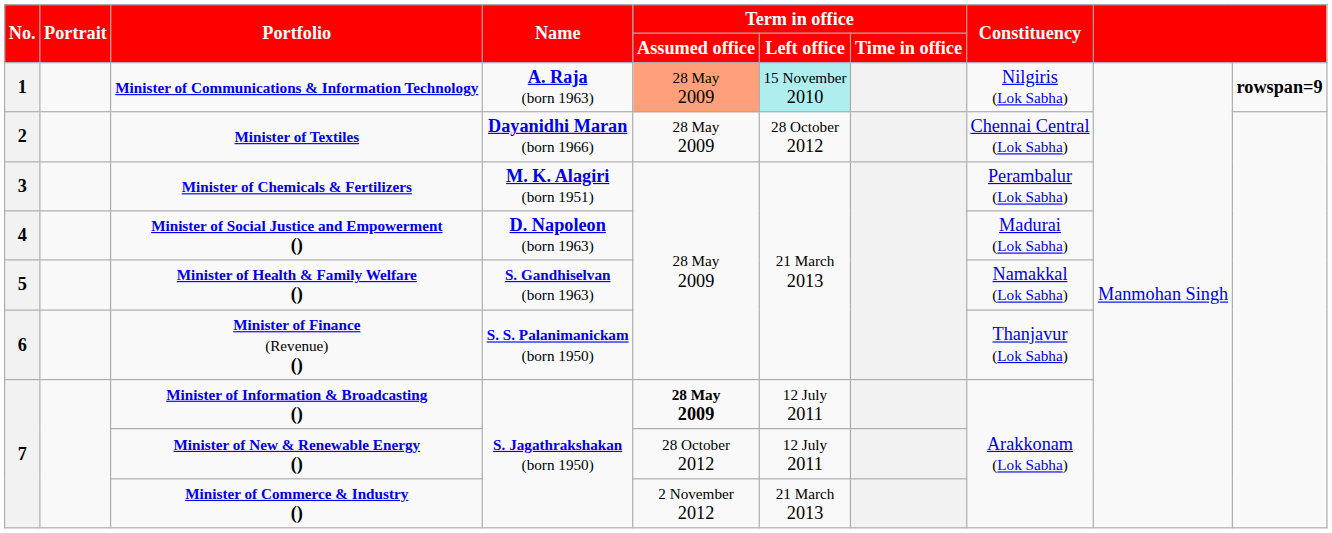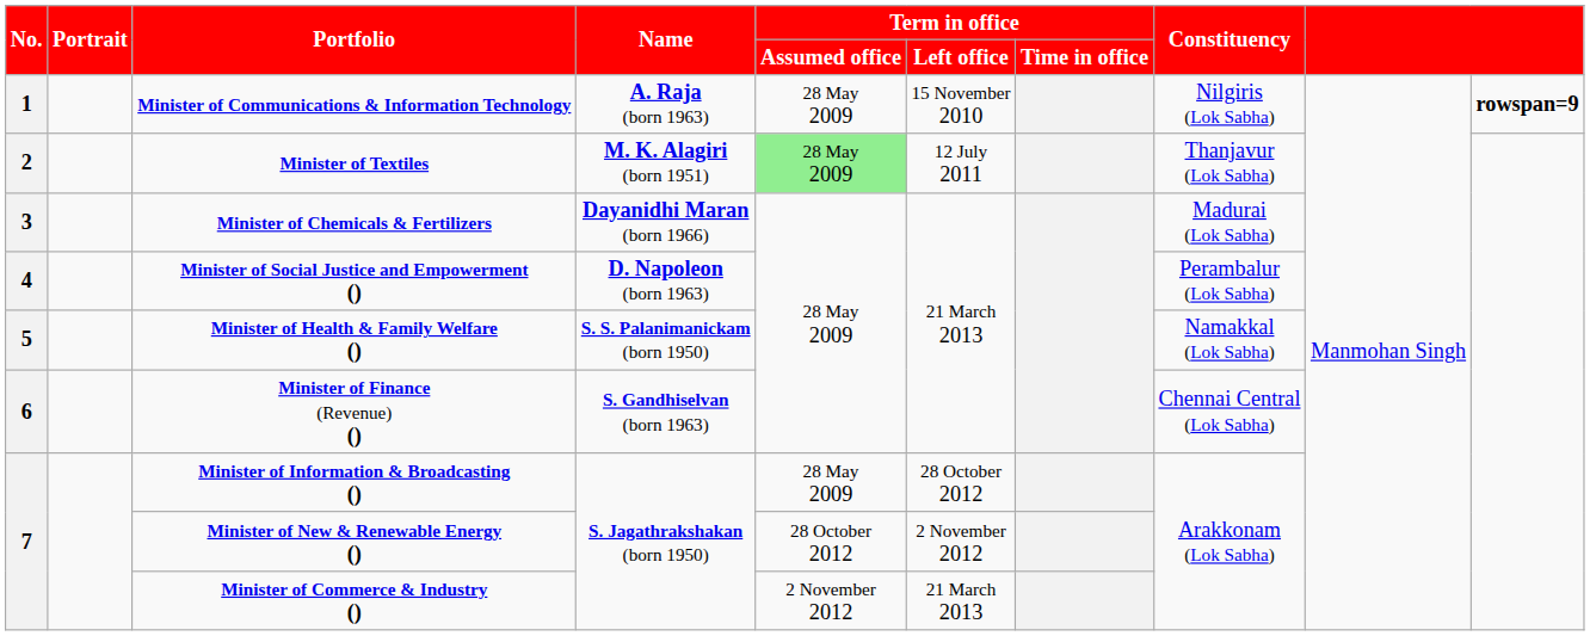 <table class="wikitable sortable" style="text-align:center;">
 <tr>
 <th rowspan=2 style="background-color:#ff0000;color:white">No.</th>
 <th rowspan=2 style="background-color:#ff0000;color:white">Portrait</th>
 <th rowspan=2 style="background-color:#ff0000;color:white">Portfolio</th>
 <th rowspan=2 style="background-color:#ff0000;color:white">Name<br></th>
 <th colspan=3 style="background-color:#ff0000;color:white">Term in office</th>
 <th rowspan=2 style="background-color:#ff0000;color:white">Constituency<br></th>
 <th rowspan=2 colspan=2 style="background-color:#ff0000;color:white"><a href='#'></a></th>
 </tr>
 <tr>
 <th style="background-color:#ff0000;color:white">Assumed office</th>
 <th style="background-color:#ff0000;color:white">Left office</th>
 <th style="background-color:#ff0000;color:white">Time in office</th>
 </tr>
 <tr>
 <th>1</th>
 <td></td>
 <td><small><strong><a href='#'>Minister of Communications & Information Technology</a></strong></small></td>
 <td><strong><a href='#'>A. Raja</a></strong><br><small>(born 1963)</small></td>
-<td style="background: lightsalmon;"><small>28 May</small><br>2009</td>
-<td style="background: paleturquoise;"><small>15 November</small><br>2010<br></td>
+<td><small>28 May</small><br>2009</td>
+<td><small>15 November</small><br>2010<br></td>
 <th><strong></strong></th>
 <td><a href='#'>Nilgiris</a><br><small>(<a href='#'>Lok Sabha</a>)</small></td>
 <td rowspan=9><a href='#'>Manmohan Singh</a></td>
 <td><strong>rowspan=9 </strong></td>
 </tr>
 <tr>
 <th>2</th>
 <td></td>
 <td><small><strong><a href='#'>Minister of Textiles</a></strong></small></td>
-<td><strong><a href='#'>Dayanidhi Maran</a></strong><br><small>(born 1966)</small></td>
-<td><small>28 May</small><br>2009</td>
-<td><small>28 October</small><br>2012</td>
+<td><strong><a href='#'>M. K. Alagiri</a></strong><br><small>(born 1951)</small></td>
+<td style="background: lightgreen;"><small>28 May</small><br>2009</td>
+<td><small>12 July</small><br>2011<br></td>
 <th><strong></strong></th>
-<td><a href='#'>Chennai Central</a><br><small>(<a href='#'>Lok Sabha</a>)</small></td>
+<td><a href='#'>Thanjavur</a><br><small>(<a href='#'>Lok Sabha</a>)</small></td>
 </tr>
 <tr>
 <th>3</th>
 <td></td>
 <td><small><strong><a href='#'>Minister of Chemicals & Fertilizers</a></strong></small></td>
-<td><strong><a href='#'>M. K. Alagiri</a></strong><br><small>(born 1951)</small></td>
+<td><strong><a href='#'>Dayanidhi Maran</a></strong><br><small>(born 1966)</small></td>
 <td rowspan="4"><small>28 May</small><br>2009</td>
 <td rowspan="4"><small>21 March</small><br>2013</td>
 <th rowspan="4"><strong></strong></th>
-<td><a href='#'>Perambalur</a><br><small>(<a href='#'>Lok Sabha</a>)</small></td>
+<td><a href='#'>Madurai</a><br><small>(<a href='#'>Lok Sabha</a>)</small></td>
 </tr>
 <tr>
 <th>4</th>
 <td></td>
 <td><small><strong><a href='#'>Minister of Social Justice and Empowerment</a></strong></small><br><strong>()</strong></td>
 <td><strong><a href='#'>D. Napoleon</a></strong><br><small>(born 1963)</small></td>
-<td><a href='#'>Madurai</a><br><small>(<a href='#'>Lok Sabha</a>)</small></td>
+<td><a href='#'>Perambalur</a><br><small>(<a href='#'>Lok Sabha</a>)</small></td>
 </tr>
 <tr>
 <th>5</th>
 <td></td>
 <td><small><strong><a href='#'>Minister of Health & Family Welfare</a></strong></small><br><strong>()</strong></td>
-<td><strong><small><a href='#'>S. Gandhiselvan</a></small></strong><br><small>(born 1963)</small></td>
+<td><strong><small><a href='#'>S. S. Palanimanickam</a></small></strong><br><small>(born 1950)</small></td>
 <td><a href='#'>Namakkal</a><br><small>(<a href='#'>Lok Sabha</a>)</small></td>
 </tr>
 <tr>
 <th>6</th>
 <td></td>
 <td><small><strong><a href='#'>Minister of Finance</a></strong></small><br><small>(Revenue)</small><br><strong>()</strong></td>
-<td><strong><small><a href='#'>S. S. Palanimanickam</a></small></strong><br><small>(born 1950)</small></td>
-<td><a href='#'>Thanjavur</a><br><small>(<a href='#'>Lok Sabha</a>)</small></td>
+<td><strong><small><a href='#'>S. Gandhiselvan</a></small></strong><br><small>(born 1963)</small></td>
+<td><a href='#'>Chennai Central</a><br><small>(<a href='#'>Lok Sabha</a>)</small></td>
 </tr>
 <tr>
 <th rowspan="3">7</th>
 <td rowspan="3"></td>
 <td><small><strong><a href='#'>Minister of Information & Broadcasting</a></strong></small><br><strong>()</strong></td>
 <td rowspan="3"><strong><small><a href='#'>S. Jagathrakshakan</a></small></strong><br><small>(born 1950)</small></td>
-<td><strong><small>28 May</small><br>2009</strong></td>
-<td><small>12 July</small><br>2011<br></td>
+<td><small>28 May</small><br>2009</td>
+<td><small>28 October</small><br>2012</td>
 <th><strong></strong></th>
 <td rowspan="3"><a href='#'>Arakkonam</a><br><small>(<a href='#'>Lok Sabha</a>)</small></td>
 </tr>
 <tr>
 <td><small><strong><a href='#'>Minister of New & Renewable Energy</a></strong></small><br><strong>()</strong></td>
 <td><small>28 October</small><br>2012</td>
-<td><small>12 July</small><br>2011<br></td>
+<td><small>2 November</small><br>2012</td>
 <th><strong></strong></th>
 </tr>
 <tr>
 <td><small><strong><a href='#'>Minister of Commerce & Industry</a></strong></small><br><strong>()</strong></td>
 <td><small>2 November</small><br>2012</td>
 <td><small>21 March</small><br>2013</td>
 <th><strong></strong></th>
 </tr>
 </table>
